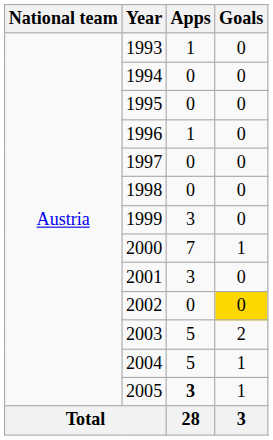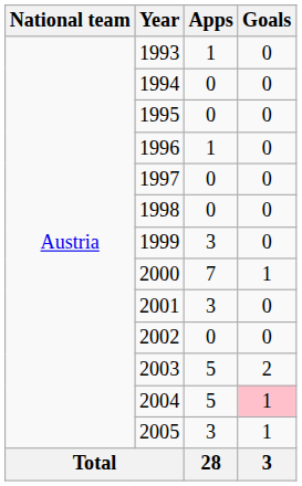 <table class="wikitable" style="text-align:center">
 <tr>
 <th>National team</th>
 <th>Year</th>
 <th>Apps</th>
 <th>Goals</th>
 </tr>
 <tr>
 <td rowspan="13"><a href='#'>Austria</a></td>
 <td>1993</td>
 <td>1</td>
 <td>0</td>
 </tr>
 <tr>
 <td>1994</td>
 <td>0</td>
 <td>0</td>
 </tr>
 <tr>
 <td>1995</td>
 <td>0</td>
 <td>0</td>
 </tr>
 <tr>
 <td>1996</td>
 <td>1</td>
 <td>0</td>
 </tr>
 <tr>
 <td>1997</td>
 <td>0</td>
 <td>0</td>
 </tr>
 <tr>
 <td>1998</td>
 <td>0</td>
 <td>0</td>
 </tr>
 <tr>
 <td>1999</td>
 <td>3</td>
 <td>0</td>
 </tr>
 <tr>
 <td>2000</td>
 <td>7</td>
 <td>1</td>
 </tr>
 <tr>
 <td>2001</td>
 <td>3</td>
 <td>0</td>
 </tr>
 <tr>
 <td>2002</td>
 <td>0</td>
-<td style="background: gold;">0</td>
+<td>0</td>
 </tr>
 <tr>
 <td>2003</td>
 <td>5</td>
 <td>2</td>
 </tr>
 <tr>
 <td>2004</td>
 <td>5</td>
-<td>1</td>
+<td style="background: pink;">1</td>
 </tr>
 <tr>
 <td>2005</td>
-<td><strong>3</strong></td>
+<td>3</td>
 <td>1</td>
 </tr>
 <tr>
 <th colspan="2">Total</th>
 <th>28</th>
 <th>3</th>
 </tr>
 </table>
